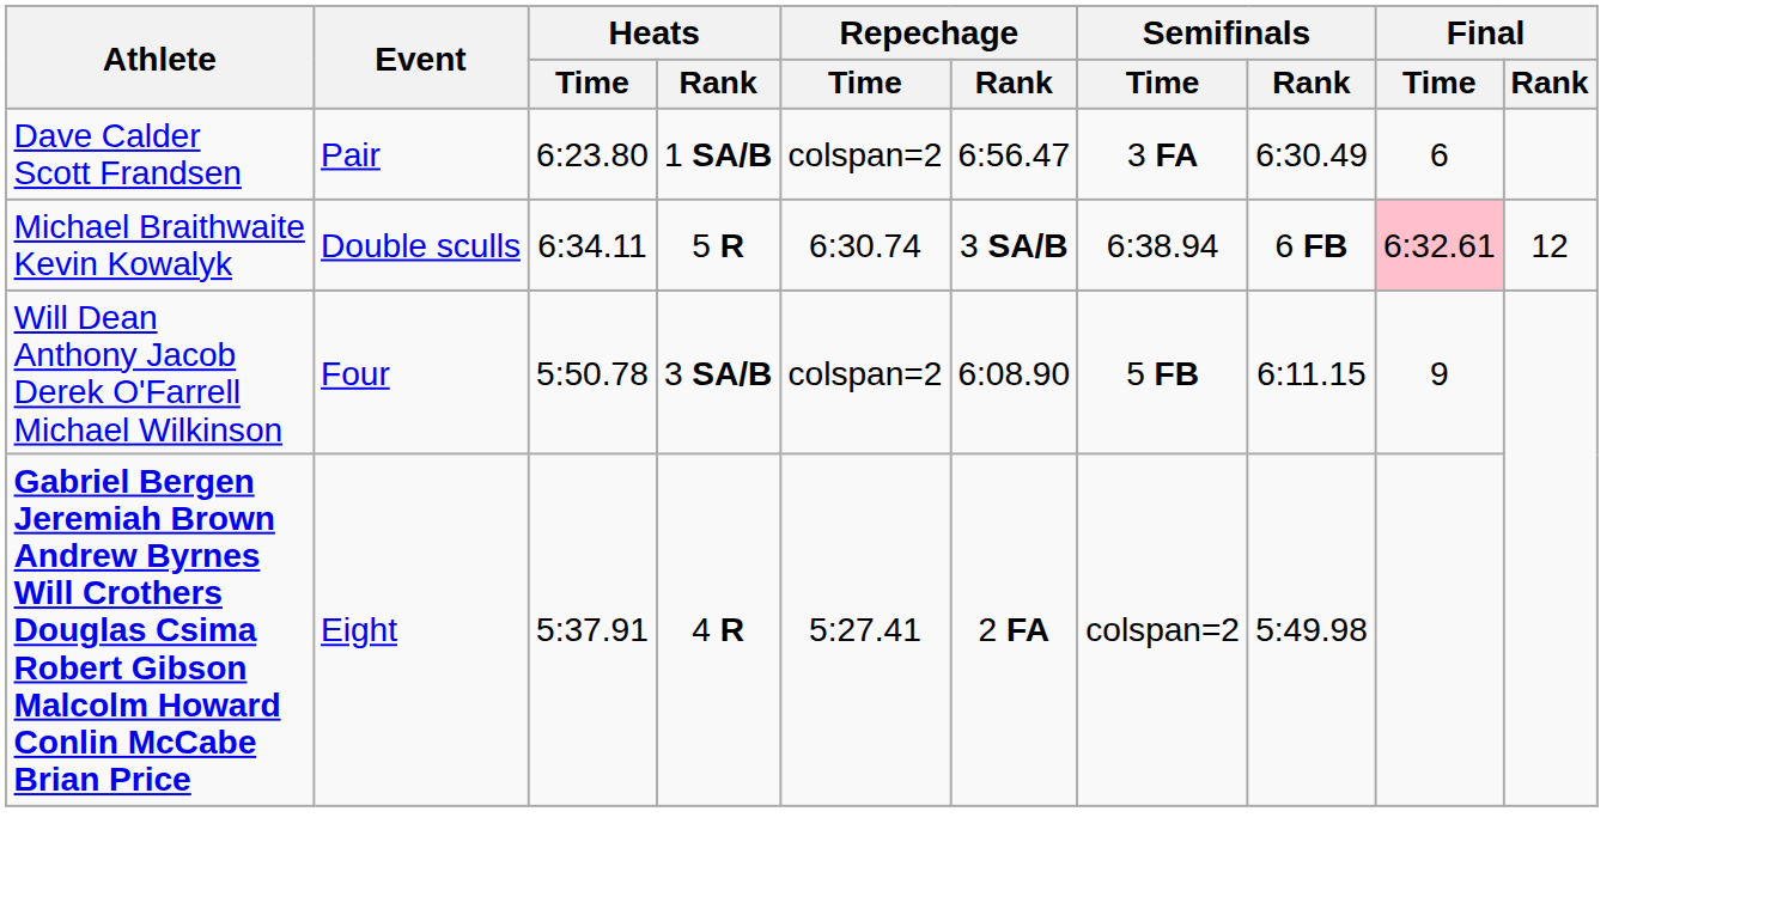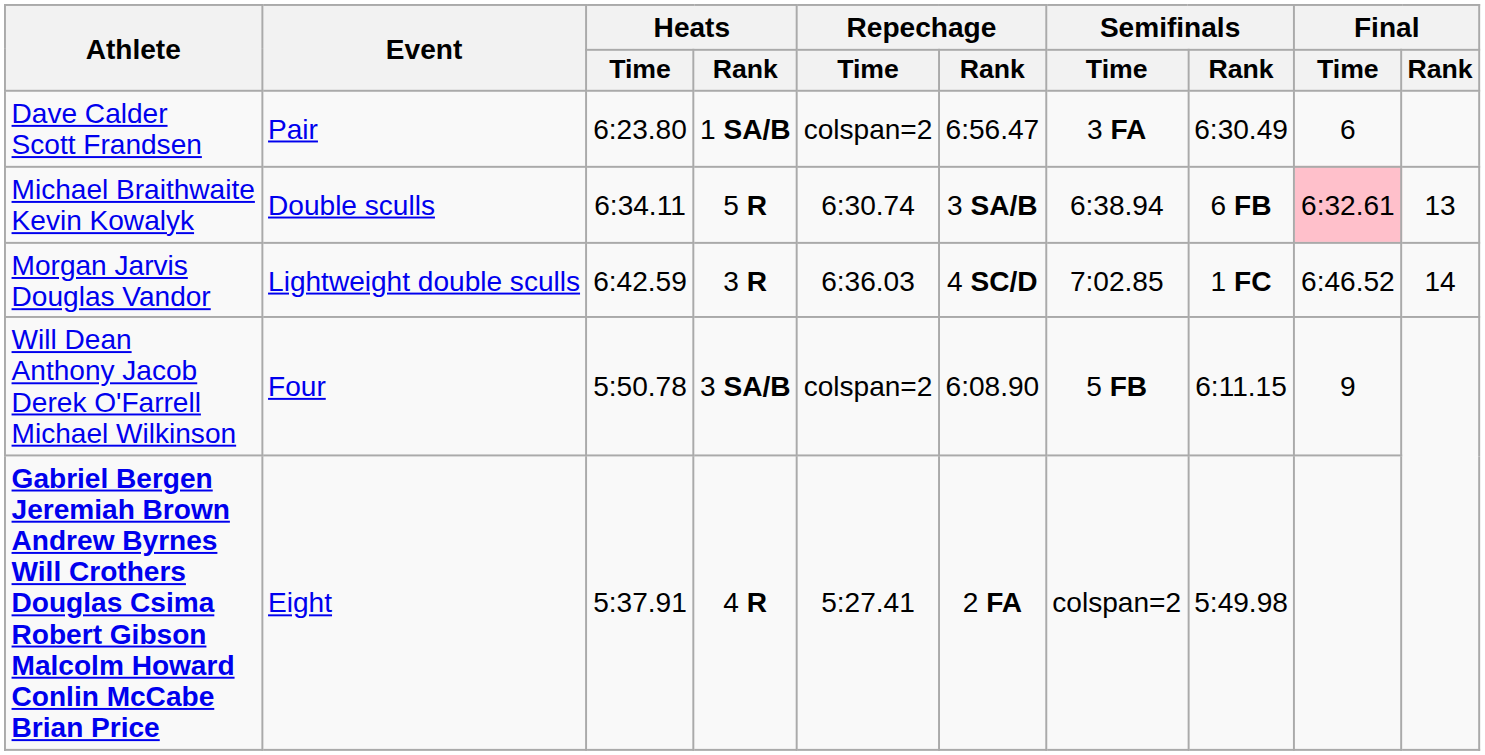 <table class="wikitable" style="font-size:90%">
 <tr>
 <th rowspan=2>Athlete</th>
 <th rowspan=2>Event</th>
 <th colspan="2">Heats</th>
 <th colspan="2">Repechage</th>
 <th colspan="2">Semifinals</th>
 <th colspan="2">Final</th>
 </tr>
 <tr style="font-size:95%">
 <th>Time</th>
 <th>Rank</th>
 <th>Time</th>
 <th>Rank</th>
 <th>Time</th>
 <th>Rank</th>
 <th>Time</th>
 <th>Rank</th>
 </tr>
 <tr align=center>
 <td align=left><a href='#'>Dave Calder</a><br><a href='#'>Scott Frandsen</a></td>
 <td align=left><a href='#'>Pair</a></td>
 <td>6:23.80</td>
 <td>1 <strong>SA/B</strong></td>
 <td>colspan=2 </td>
 <td>6:56.47</td>
 <td>3 <strong>FA</strong></td>
 <td>6:30.49</td>
 <td>6</td>
 </tr>
 <tr align=center>
 <td align=left><a href='#'>Michael Braithwaite</a><br><a href='#'>Kevin Kowalyk</a></td>
 <td align=left><a href='#'>Double sculls</a></td>
 <td>6:34.11</td>
 <td>5 <strong>R</strong></td>
 <td>6:30.74</td>
 <td>3 <strong>SA/B</strong></td>
 <td>6:38.94</td>
 <td>6 <strong>FB</strong></td>
 <td style="background: pink;">6:32.61</td>
-<td>12</td>
+<td>13</td>
+</tr>
+<tr align=center>
+<td align=left><a href='#'>Morgan Jarvis</a><br><a href='#'>Douglas Vandor</a></td>
+<td align=left><a href='#'>Lightweight double sculls</a></td>
+<td>6:42.59</td>
+<td>3 <strong>R</strong></td>
+<td>6:36.03</td>
+<td>4 <strong>SC/D</strong></td>
+<td>7:02.85</td>
+<td>1 <strong>FC</strong></td>
+<td>6:46.52</td>
+<td>14</td>
 </tr>
 <tr align=center>
 <td align=left><a href='#'>Will Dean</a><br><a href='#'>Anthony Jacob</a><br><a href='#'>Derek O'Farrell</a><br><a href='#'>Michael Wilkinson</a></td>
 <td align=left><a href='#'>Four</a></td>
 <td>5:50.78</td>
 <td>3 <strong>SA/B</strong></td>
 <td>colspan=2 </td>
 <td>6:08.90</td>
 <td>5 <strong>FB</strong></td>
 <td>6:11.15</td>
 <td>9</td>
 </tr>
 <tr align=center>
 <td align=left><strong><a href='#'>Gabriel Bergen</a><br><a href='#'>Jeremiah Brown</a><br><a href='#'>Andrew Byrnes</a><br><a href='#'>Will Crothers</a><br><a href='#'>Douglas Csima</a><br><a href='#'>Robert Gibson</a><br><a href='#'>Malcolm Howard</a><br><a href='#'>Conlin McCabe</a><br><a href='#'>Brian Price</a></strong></td>
 <td align=left><a href='#'>Eight</a></td>
 <td>5:37.91</td>
 <td>4 <strong>R</strong></td>
 <td>5:27.41</td>
 <td>2 <strong>FA</strong></td>
 <td>colspan=2 </td>
 <td>5:49.98</td>
 <td></td>
 </tr>
 </table>
